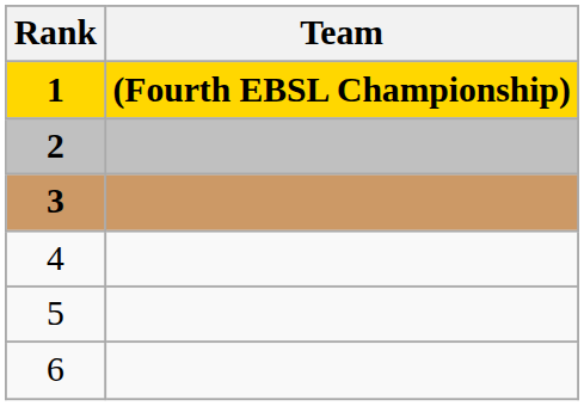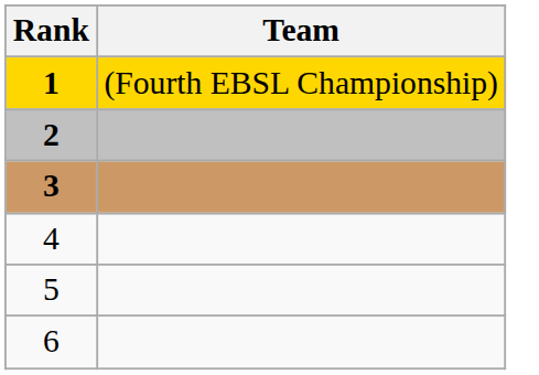 <table class="wikitable" style="text-align:center">
 <tr>
 <th>Rank</th>
 <th>Team</th>
 </tr>
 <tr bgcolor="gold">
 <td><strong>1</strong></td>
-<td align="left"><strong> (Fourth EBSL Championship)</strong></td>
+<td align="left"> (Fourth EBSL Championship)</td>
 </tr>
 <tr bgcolor="silver">
 <td><strong>2</strong></td>
 <td align="left"></td>
 </tr>
 <tr bgcolor="#CC9966">
 <td><strong>3</strong></td>
 <td align="left"></td>
 </tr>
 <tr>
 <td>4</td>
 <td align="left"></td>
 </tr>
 <tr>
 <td>5</td>
 <td align="left"></td>
 </tr>
 <tr>
 <td>6</td>
 <td align="left"></td>
 </tr>
 </table>
